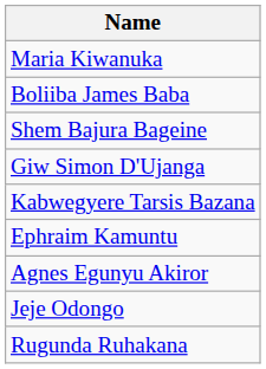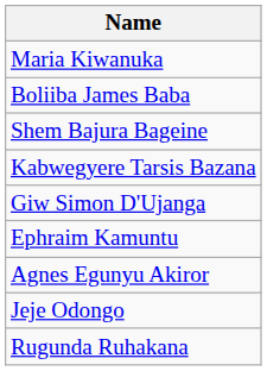 <table class="wikitable sortable">
 <tr>
 <th>Name</th>
 </tr>
 <tr>
 <td><a href='#'>Maria Kiwanuka</a></td>
 </tr>
 <tr>
 <td><a href='#'>Boliiba James Baba</a></td>
 </tr>
 <tr>
 <td><a href='#'>Shem Bajura Bageine</a></td>
 </tr>
 <tr>
-<td><a href='#'>Giw Simon D'Ujanga</a></td>
+<td><a href='#'>Kabwegyere Tarsis Bazana</a></td>
 </tr>
 <tr>
-<td><a href='#'>Kabwegyere Tarsis Bazana</a></td>
+<td><a href='#'>Giw Simon D'Ujanga</a></td>
 </tr>
 <tr>
 <td><a href='#'>Ephraim Kamuntu</a></td>
 </tr>
 <tr>
 <td><a href='#'>Agnes Egunyu Akiror</a></td>
 </tr>
 <tr>
 <td><a href='#'>Jeje Odongo</a></td>
 </tr>
 <tr>
 <td><a href='#'>Rugunda Ruhakana</a></td>
 </tr>
 </table>
